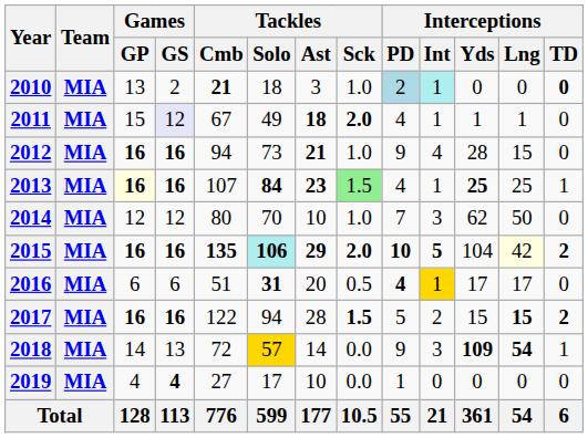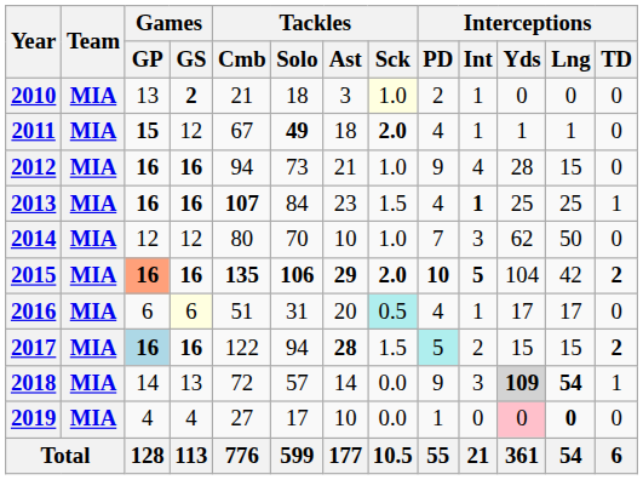 <table class="wikitable" style="text-align: center;">
 <tr>
 <th rowspan="2">Year</th>
 <th rowspan="2">Team</th>
 <th colspan="2">Games</th>
 <th colspan="4">Tackles</th>
 <th colspan="5">Interceptions</th>
 </tr>
 <tr>
 <th>GP</th>
 <th>GS</th>
 <th>Cmb</th>
 <th>Solo</th>
 <th>Ast</th>
 <th>Sck</th>
 <th>PD</th>
 <th>Int</th>
 <th>Yds</th>
 <th>Lng</th>
 <th>TD</th>
 </tr>
 <tr>
 <th><a href='#'>2010</a></th>
 <th><a href='#'>MIA</a></th>
 <td>13</td>
-<td>2</td>
-<td><strong>21</strong></td>
+<td><strong>2</strong></td>
+<td>21</td>
 <td>18</td>
 <td>3</td>
-<td>1.0</td>
-<td style="background: lightblue;">2</td>
-<td style="background: paleturquoise;">1</td>
+<td style="background: lightyellow;">1.0</td>
+<td>2</td>
+<td>1</td>
 <td>0</td>
 <td>0</td>
-<td><strong>0</strong></td>
+<td>0</td>
 </tr>
 <tr>
 <th><a href='#'>2011</a></th>
 <th><a href='#'>MIA</a></th>
-<td>15</td>
-<td style="background: lavender;">12</td>
+<td><strong>15</strong></td>
+<td>12</td>
 <td>67</td>
-<td>49</td>
-<td><strong>18</strong></td>
+<td><strong>49</strong></td>
+<td>18</td>
 <td><strong>2.0 </strong></td>
 <td>4</td>
 <td>1</td>
 <td>1</td>
 <td>1</td>
 <td>0</td>
 </tr>
 <tr>
 <th><a href='#'>2012</a></th>
 <th><a href='#'>MIA</a></th>
 <td><strong>16 </strong></td>
 <td><strong>16 </strong></td>
 <td>94</td>
 <td>73</td>
-<td><strong>21</strong></td>
+<td>21</td>
 <td>1.0</td>
 <td>9</td>
 <td>4</td>
 <td>28</td>
 <td>15</td>
 <td>0</td>
 </tr>
 <tr>
 <th><a href='#'>2013</a></th>
 <th><a href='#'>MIA</a></th>
-<td style="background: lightyellow;"><strong>16 </strong></td>
 <td><strong>16 </strong></td>
-<td>107</td>
-<td><strong>84</strong></td>
-<td><strong>23</strong></td>
-<td style="background: lightgreen;">1.5</td>
+<td><strong>16 </strong></td>
+<td><strong>107</strong></td>
+<td>84</td>
+<td>23</td>
+<td>1.5</td>
 <td>4</td>
-<td>1</td>
-<td><strong>25</strong></td>
+<td><strong>1</strong></td>
+<td>25</td>
 <td>25</td>
 <td>1</td>
 </tr>
 <tr>
 <th><a href='#'>2014</a></th>
 <th><a href='#'>MIA</a></th>
 <td>12</td>
 <td>12</td>
 <td>80</td>
 <td>70</td>
 <td>10</td>
 <td>1.0</td>
 <td>7</td>
 <td>3</td>
 <td>62</td>
 <td>50</td>
 <td>0</td>
 </tr>
 <tr>
 <th><a href='#'>2015</a></th>
 <th><a href='#'>MIA</a></th>
-<td><strong> 16 </strong></td>
+<td style="background: lightsalmon;"><strong> 16 </strong></td>
 <td><strong>16 </strong></td>
 <td><strong>135 </strong></td>
-<td style="background: paleturquoise;"><strong>106 </strong></td>
+<td><strong>106 </strong></td>
 <td><strong>29 </strong></td>
 <td><strong>2.0 </strong></td>
 <td><strong>10 </strong></td>
 <td><strong>5 </strong></td>
 <td>104</td>
-<td style="background: lightyellow;">42</td>
+<td>42</td>
 <td><strong>2</strong></td>
 </tr>
 <tr>
 <th><a href='#'>2016</a></th>
 <th><a href='#'>MIA</a></th>
 <td>6</td>
-<td>6</td>
+<td style="background: lightyellow;">6</td>
 <td>51</td>
-<td><strong>31</strong></td>
+<td>31</td>
 <td>20</td>
-<td>0.5</td>
-<td><strong>4</strong></td>
-<td style="background: gold;">1</td>
+<td style="background: paleturquoise;">0.5</td>
+<td>4</td>
+<td>1</td>
 <td>17</td>
 <td>17</td>
 <td>0</td>
 </tr>
 <tr>
 <th><a href='#'>2017</a></th>
 <th><a href='#'>MIA</a></th>
-<td><strong>16 </strong></td>
+<td style="background: lightblue;"><strong>16 </strong></td>
 <td><strong> 16 </strong></td>
 <td>122</td>
 <td>94</td>
-<td>28</td>
-<td><strong>1.5</strong></td>
-<td>5</td>
+<td><strong>28</strong></td>
+<td>1.5</td>
+<td style="background: paleturquoise;">5</td>
 <td>2</td>
 <td>15</td>
-<td><strong>15</strong></td>
+<td>15</td>
 <td><strong>2</strong></td>
 </tr>
 <tr>
 <th><a href='#'>2018</a></th>
 <th><a href='#'>MIA</a></th>
 <td>14</td>
 <td>13</td>
 <td>72</td>
-<td style="background: gold;">57</td>
+<td>57</td>
 <td>14</td>
 <td>0.0</td>
 <td>9</td>
 <td>3</td>
-<td><strong>109 </strong></td>
+<td style="background: lightgrey;"><strong>109 </strong></td>
 <td><strong>54 </strong></td>
 <td>1</td>
 </tr>
 <tr>
 <th><a href='#'>2019</a></th>
 <th><a href='#'>MIA</a></th>
 <td>4</td>
-<td><strong>4</strong></td>
+<td>4</td>
 <td>27</td>
 <td>17</td>
 <td>10</td>
 <td>0.0</td>
 <td>1</td>
 <td>0</td>
-<td>0</td>
-<td>0</td>
+<td style="background: pink;">0</td>
+<td><strong>0</strong></td>
 <td>0</td>
 </tr>
 <tr>
 <th colspan="2">Total</th>
 <th>128</th>
 <th>113</th>
 <th>776</th>
 <th>599</th>
 <th>177</th>
 <th>10.5</th>
 <th>55</th>
 <th>21</th>
 <th>361</th>
 <th>54</th>
 <th>6</th>
 </tr>
 </table>
